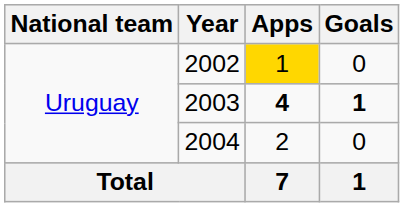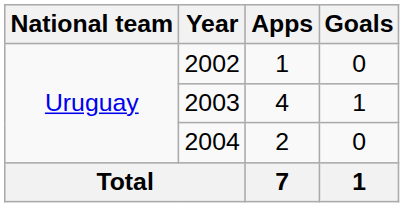 <table class="wikitable" style="text-align:center">
 <tr>
 <th>National team</th>
 <th>Year</th>
 <th>Apps</th>
 <th>Goals</th>
 </tr>
 <tr>
 <td rowspan=3><a href='#'>Uruguay</a></td>
 <td>2002</td>
-<td style="background: gold;">1</td>
+<td>1</td>
 <td>0</td>
 </tr>
 <tr>
 <td>2003</td>
-<td><strong>4</strong></td>
-<td><strong>1</strong></td>
+<td>4</td>
+<td>1</td>
 </tr>
 <tr>
 <td>2004</td>
 <td>2</td>
 <td>0</td>
 </tr>
 <tr>
 <th colspan=2>Total</th>
 <th>7</th>
 <th>1</th>
 </tr>
 </table>
